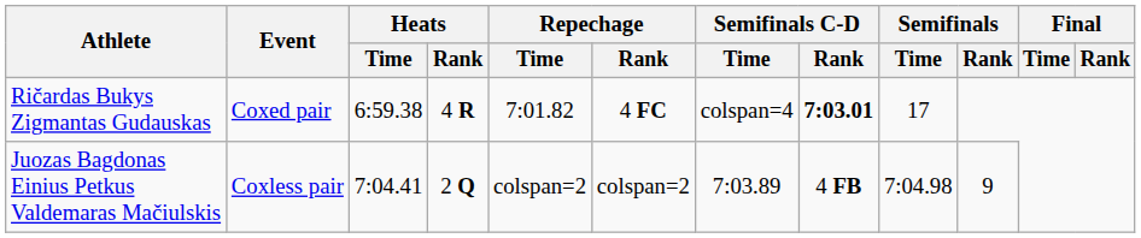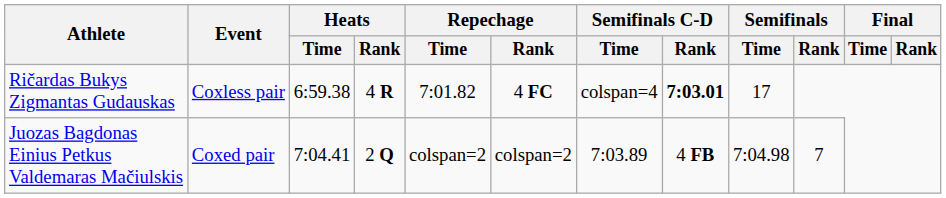 <table class="wikitable" style="font-size:90%">
 <tr>
 <th rowspan="2">Athlete</th>
 <th rowspan="2">Event</th>
 <th colspan="2">Heats</th>
 <th colspan="2">Repechage</th>
 <th colspan="2">Semifinals C-D</th>
 <th colspan="2">Semifinals</th>
 <th colspan="2">Final</th>
 </tr>
 <tr style="font-size:95%">
 <th>Time</th>
 <th>Rank</th>
 <th>Time</th>
 <th>Rank</th>
 <th>Time</th>
 <th>Rank</th>
 <th>Time</th>
 <th>Rank</th>
 <th>Time</th>
 <th>Rank</th>
 </tr>
 <tr align=center>
 <td align=left><a href='#'>Ričardas Bukys</a><br><a href='#'>Zigmantas Gudauskas</a></td>
-<td align=left><a href='#'>Coxed pair</a></td>
+<td align=left><a href='#'>Coxless pair</a></td>
 <td>6:59.38</td>
 <td>4 <strong>R</strong></td>
 <td>7:01.82</td>
 <td>4 <strong>FC</strong></td>
 <td>colspan=4 </td>
 <td><strong>7:03.01</strong></td>
 <td>17</td>
 </tr>
 <tr align=center>
 <td align=left><a href='#'>Juozas Bagdonas</a><br><a href='#'>Einius Petkus</a><br><a href='#'>Valdemaras Mačiulskis</a></td>
-<td align=left><a href='#'>Coxless pair</a></td>
+<td align=left><a href='#'>Coxed pair</a></td>
 <td>7:04.41</td>
 <td>2 <strong>Q</strong></td>
 <td>colspan=2 </td>
 <td>colspan=2 </td>
 <td>7:03.89</td>
 <td>4 <strong>FB</strong></td>
 <td>7:04.98</td>
-<td>9</td>
+<td>7</td>
 </tr>
 </table>
